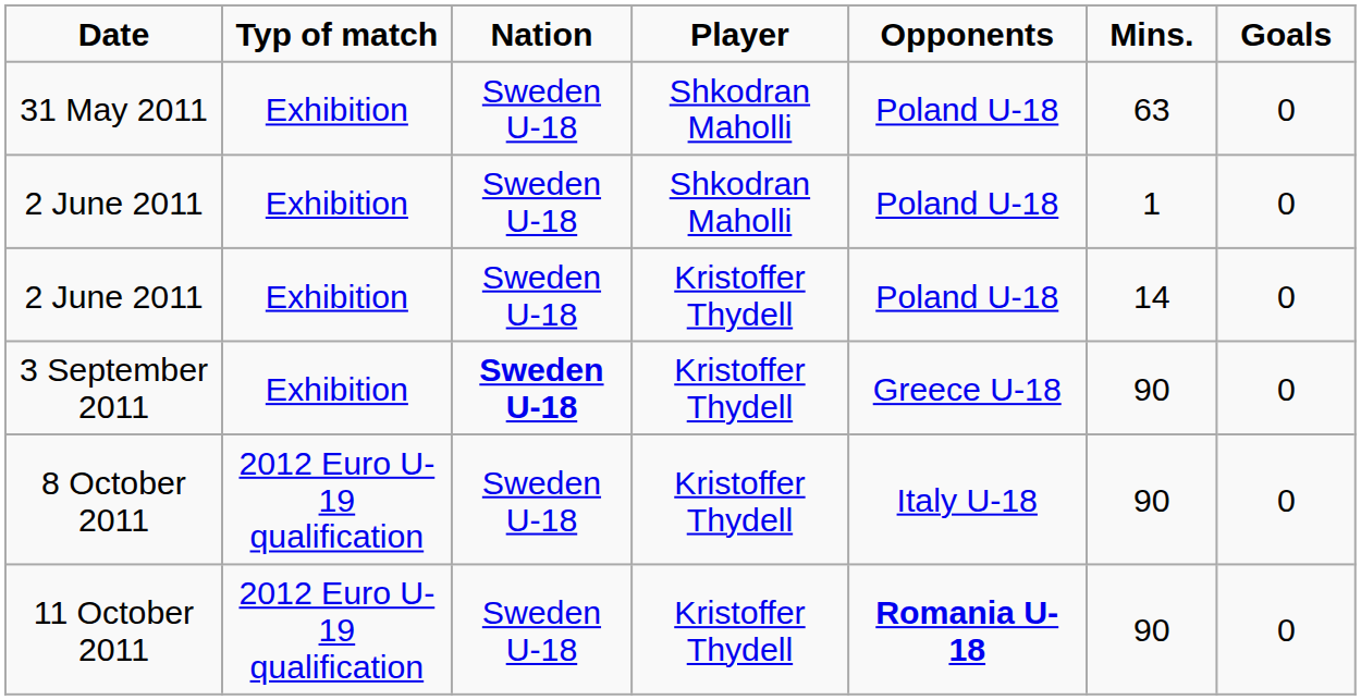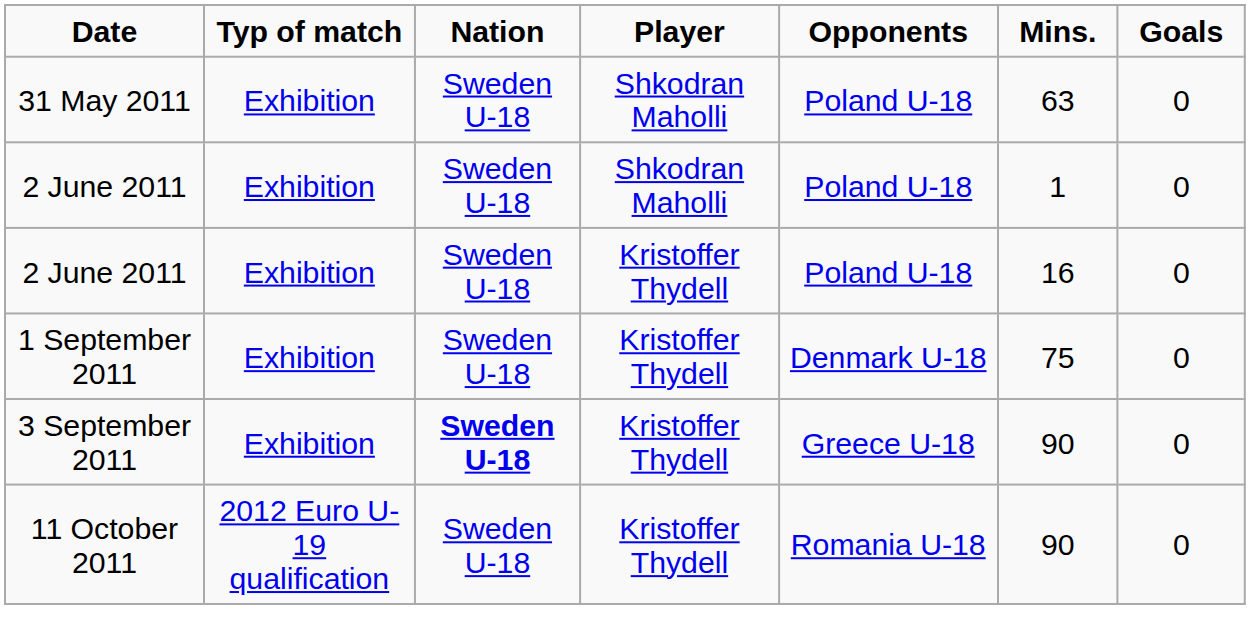 <table class= width=90% border="2" cellpadding="4" cellspacing="0" style="text-align=center: 1em 1em 1em 0; background: #f9f9f9; border: 1px #aaa solid; border-collapse: collapse; font-size: 95%;">
 <tr>
 <th width=8%>Date</th>
 <th width=8%>Typ of match</th>
 <th width=8%>Nation</th>
 <th width=12%>Player</th>
 <th width=10%>Opponents</th>
 <th width=6%>Mins.</th>
 <th width=6%>Goals</th>
 </tr>
 <tr>
 <td align=center>31 May 2011</td>
 <td align=center><a href='#'>Exhibition</a></td>
 <td align=center> <a href='#'>Sweden U-18</a></td>
 <td align=center><a href='#'>Shkodran Maholli</a></td>
 <td align=center> <a href='#'>Poland U-18</a></td>
 <td align=center>63</td>
 <td align=center>0</td>
 </tr>
 <tr>
 <td align=center>2 June 2011</td>
 <td align=center><a href='#'>Exhibition</a></td>
 <td align=center> <a href='#'>Sweden U-18</a></td>
 <td align=center><a href='#'>Shkodran Maholli</a></td>
 <td align=center> <a href='#'>Poland U-18</a></td>
 <td align=center>1</td>
 <td align=center>0</td>
 </tr>
 <tr>
 <td align=center>2 June 2011</td>
 <td align=center><a href='#'>Exhibition</a></td>
 <td align=center> <a href='#'>Sweden U-18</a></td>
 <td align=center><a href='#'>Kristoffer Thydell</a></td>
 <td align=center> <a href='#'>Poland U-18</a></td>
-<td align=center>14</td>
+<td align=center>16</td>
+<td align=center>0</td>
+</tr>
+<tr>
+<td align=center>1 September 2011</td>
+<td align=center><a href='#'>Exhibition</a></td>
+<td align=center> <a href='#'>Sweden U-18</a></td>
+<td align=center><a href='#'>Kristoffer Thydell</a></td>
+<td align=center> <a href='#'>Denmark U-18</a></td>
+<td align=center>75</td>
 <td align=center>0</td>
 </tr>
 <tr>
 <td align=center>3 September 2011</td>
 <td align=center><a href='#'>Exhibition</a></td>
 <td align=center><strong> <a href='#'>Sweden U-18</a></strong></td>
 <td align=center><a href='#'>Kristoffer Thydell</a></td>
 <td align=center> <a href='#'>Greece U-18</a></td>
 <td align=center>90</td>
 <td align=center>0</td>
 </tr>
 <tr>
-<td align=center>8 October 2011</td>
-<td align=center><a href='#'>2012 Euro U-19 qualification</a></td>
-<td align=center> <a href='#'>Sweden U-18</a></td>
-<td align=center><a href='#'>Kristoffer Thydell</a></td>
-<td align=center> <a href='#'>Italy U-18</a></td>
-<td align=center>90</td>
-<td align=center>0</td>
-</tr>
-<tr>
 <td align=center>11 October 2011</td>
 <td align=center><a href='#'>2012 Euro U-19 qualification</a></td>
 <td align=center> <a href='#'>Sweden U-18</a></td>
 <td align=center><a href='#'>Kristoffer Thydell</a></td>
-<td align=center><strong> <a href='#'>Romania U-18</a></strong></td>
+<td align=center> <a href='#'>Romania U-18</a></td>
 <td align=center>90</td>
 <td align=center>0</td>
 </tr>
 </table>
